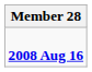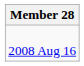 <table class=wikitable align=right>
 <tr>
 <th>Member 28</th>
 </tr>
 <tr>
-<td><strong><br><a href='#'>2008 Aug 16</a></strong></td>
+<td><br><a href='#'>2008 Aug 16</a></td>
 </tr>
 </table>
